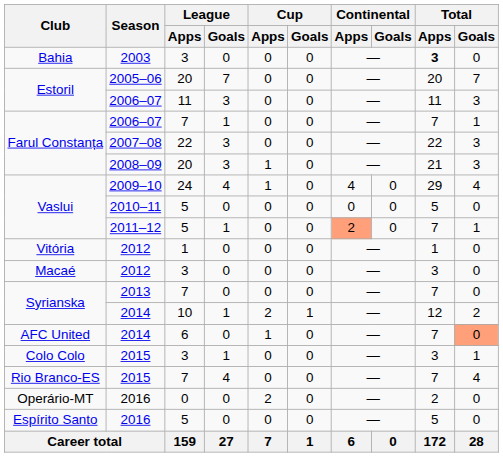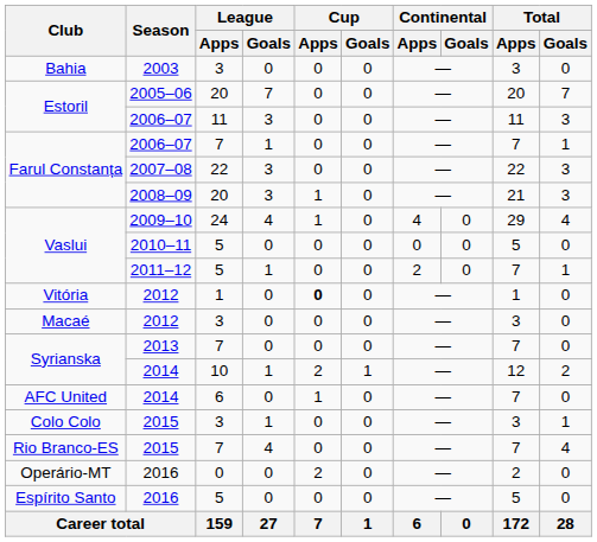 <table class="wikitable" style="text-align:center">
 <tr>
 <th rowspan="2">Club</th>
 <th rowspan="2">Season</th>
 <th colspan="2">League</th>
 <th colspan="2">Cup</th>
 <th colspan="2">Continental</th>
 <th colspan="2">Total</th>
 </tr>
 <tr>
 <th>Apps</th>
 <th>Goals</th>
 <th>Apps</th>
 <th>Goals</th>
 <th>Apps</th>
 <th>Goals</th>
 <th>Apps</th>
 <th>Goals</th>
 </tr>
 <tr>
 <td><a href='#'>Bahia</a></td>
 <td><a href='#'>2003</a></td>
 <td>3</td>
 <td>0</td>
 <td>0</td>
 <td>0</td>
 <td colspan="2">—</td>
-<td><strong>3</strong></td>
+<td>3</td>
 <td>0</td>
 </tr>
 <tr>
 <td rowspan="2"><a href='#'>Estoril</a></td>
 <td><a href='#'>2005–06</a></td>
 <td>20</td>
 <td>7</td>
 <td>0</td>
 <td>0</td>
 <td colspan="2">—</td>
 <td>20</td>
 <td>7</td>
 </tr>
 <tr>
 <td><a href='#'>2006–07</a></td>
 <td>11</td>
 <td>3</td>
 <td>0</td>
 <td>0</td>
 <td colspan="2">—</td>
 <td>11</td>
 <td>3</td>
 </tr>
 <tr>
 <td rowspan="3"><a href='#'>Farul Constanța</a></td>
 <td><a href='#'>2006–07</a></td>
 <td>7</td>
 <td>1</td>
 <td>0</td>
 <td>0</td>
 <td colspan="2">—</td>
 <td>7</td>
 <td>1</td>
 </tr>
 <tr>
 <td><a href='#'>2007–08</a></td>
 <td>22</td>
 <td>3</td>
 <td>0</td>
 <td>0</td>
 <td colspan="2">—</td>
 <td>22</td>
 <td>3</td>
 </tr>
 <tr>
 <td><a href='#'>2008–09</a></td>
 <td>20</td>
 <td>3</td>
 <td>1</td>
 <td>0</td>
 <td colspan="2">—</td>
 <td>21</td>
 <td>3</td>
 </tr>
 <tr>
 <td rowspan="3"><a href='#'>Vaslui</a></td>
 <td><a href='#'>2009–10</a></td>
 <td>24</td>
 <td>4</td>
 <td>1</td>
 <td>0</td>
 <td>4</td>
 <td>0</td>
 <td>29</td>
 <td>4</td>
 </tr>
 <tr>
 <td><a href='#'>2010–11</a></td>
 <td>5</td>
 <td>0</td>
 <td>0</td>
 <td>0</td>
 <td>0</td>
 <td>0</td>
 <td>5</td>
 <td>0</td>
 </tr>
 <tr>
 <td><a href='#'>2011–12</a></td>
 <td>5</td>
 <td>1</td>
 <td>0</td>
 <td>0</td>
-<td style="background: lightsalmon;">2</td>
+<td>2</td>
 <td>0</td>
 <td>7</td>
 <td>1</td>
 </tr>
 <tr>
 <td><a href='#'>Vitória</a></td>
 <td><a href='#'>2012</a></td>
 <td>1</td>
 <td>0</td>
-<td>0</td>
+<td><strong>0</strong></td>
 <td>0</td>
 <td colspan="2">—</td>
 <td>1</td>
 <td>0</td>
 </tr>
 <tr>
 <td><a href='#'>Macaé</a></td>
 <td><a href='#'>2012</a></td>
 <td>3</td>
 <td>0</td>
 <td>0</td>
 <td>0</td>
 <td colspan="2">—</td>
 <td>3</td>
 <td>0</td>
 </tr>
 <tr>
 <td rowspan="2"><a href='#'>Syrianska</a></td>
 <td><a href='#'>2013</a></td>
 <td>7</td>
 <td>0</td>
 <td>0</td>
 <td>0</td>
 <td colspan="2">—</td>
 <td>7</td>
 <td>0</td>
 </tr>
 <tr>
 <td><a href='#'>2014</a></td>
 <td>10</td>
 <td>1</td>
 <td>2</td>
 <td>1</td>
 <td colspan="2">—</td>
 <td>12</td>
 <td>2</td>
 </tr>
 <tr>
 <td><a href='#'>AFC United</a></td>
 <td><a href='#'>2014</a></td>
 <td>6</td>
 <td>0</td>
 <td>1</td>
 <td>0</td>
 <td colspan="2">—</td>
 <td>7</td>
-<td style="background: lightsalmon;">0</td>
+<td>0</td>
 </tr>
 <tr>
 <td><a href='#'>Colo Colo</a></td>
 <td><a href='#'>2015</a></td>
 <td>3</td>
 <td>1</td>
 <td>0</td>
 <td>0</td>
 <td colspan="2">—</td>
 <td>3</td>
 <td>1</td>
 </tr>
 <tr>
 <td><a href='#'>Rio Branco-ES</a></td>
 <td><a href='#'>2015</a></td>
 <td>7</td>
 <td>4</td>
 <td>0</td>
 <td>0</td>
 <td colspan="2">—</td>
 <td>7</td>
 <td>4</td>
 </tr>
 <tr>
 <td>Operário-MT</td>
 <td>2016</td>
 <td>0</td>
 <td>0</td>
 <td>2</td>
 <td>0</td>
 <td colspan="2">—</td>
 <td>2</td>
 <td>0</td>
 </tr>
 <tr>
 <td><a href='#'>Espírito Santo</a></td>
 <td><a href='#'>2016</a></td>
 <td>5</td>
 <td>0</td>
 <td>0</td>
 <td>0</td>
 <td colspan="2">—</td>
 <td>5</td>
 <td>0</td>
 </tr>
 <tr>
 <th colspan="2">Career total</th>
 <th>159</th>
 <th>27</th>
 <th>7</th>
 <th>1</th>
 <th>6</th>
 <th>0</th>
 <th>172</th>
 <th>28</th>
 </tr>
 </table>
